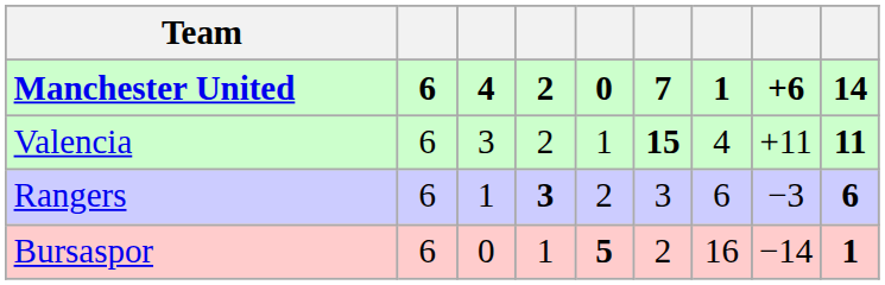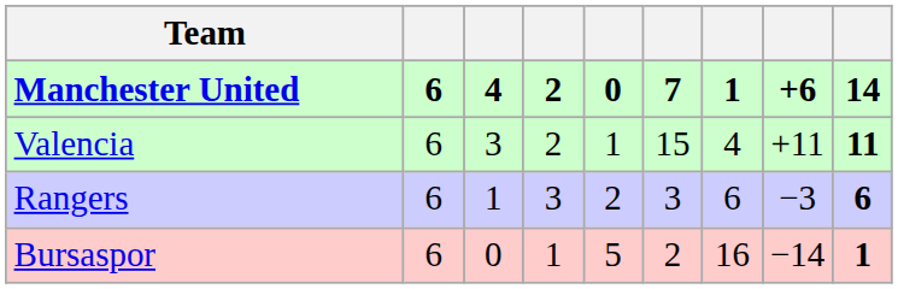 <table class="wikitable" style="text-align:center">
 <tr>
 <th width="175">Team</th>
 <th width="20"></th>
 <th width="20"></th>
 <th width="20"></th>
 <th width="20"></th>
 <th width="20"></th>
 <th width="20"></th>
 <th width="20"></th>
 <th width="20"></th>
 </tr>
 <tr bgcolor="#ccffcc">
 <td align=left> <strong><a href='#'>Manchester United</a></strong></td>
 <td><strong>6</strong></td>
 <td><strong>4</strong></td>
 <td><strong>2</strong></td>
 <td><strong>0</strong></td>
 <td><strong>7</strong></td>
 <td><strong>1</strong></td>
 <td><strong>+6</strong></td>
 <td><strong>14</strong></td>
 </tr>
 <tr bgcolor="#ccffcc">
 <td align=left> <a href='#'>Valencia</a></td>
 <td>6</td>
 <td>3</td>
 <td>2</td>
 <td>1</td>
-<td><strong>15</strong></td>
+<td>15</td>
 <td>4</td>
 <td>+11</td>
 <td><strong>11</strong></td>
 </tr>
 <tr bgcolor="#ccccff">
 <td align=left> <a href='#'>Rangers</a></td>
 <td>6</td>
 <td>1</td>
-<td><strong>3</strong></td>
+<td>3</td>
 <td>2</td>
 <td>3</td>
 <td>6</td>
 <td>−3</td>
 <td><strong>6</strong></td>
 </tr>
 <tr bgcolor="#ffcccc">
 <td align=left> <a href='#'>Bursaspor</a></td>
 <td>6</td>
 <td>0</td>
 <td>1</td>
-<td><strong>5</strong></td>
+<td>5</td>
 <td>2</td>
 <td>16</td>
 <td>−14</td>
 <td><strong>1</strong></td>
 </tr>
 </table>
